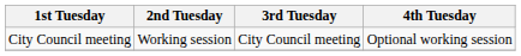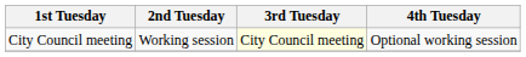 <table class="wikitable">
 <tr>
 <th>1st Tuesday</th>
 <th>2nd Tuesday</th>
 <th>3rd Tuesday</th>
 <th>4th Tuesday</th>
 </tr>
 <tr>
 <td>City Council meeting</td>
 <td>Working session</td>
-<td>City Council meeting</td>
+<td style="background: lightyellow;">City Council meeting</td>
 <td>Optional working session</td>
 </tr>
 <tr>
 </tr>
 </table>
